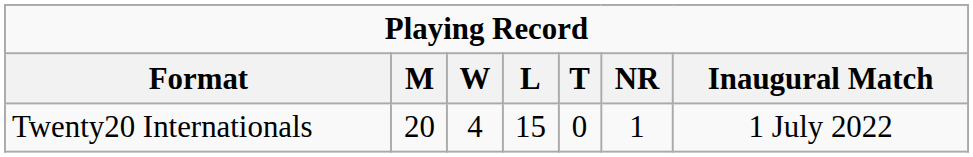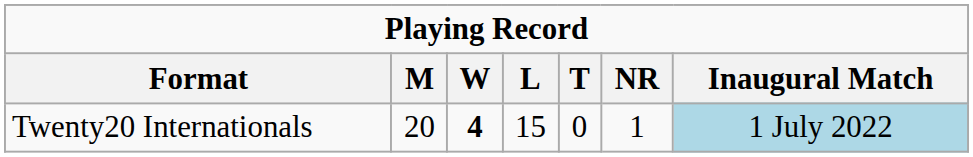 <table class="wikitable" style="text-align: center; width: 500px;">
 <tr>
 <td colspan=7 align="center"><strong>Playing Record</strong></td>
 </tr>
 <tr>
 <th>Format</th>
 <th>M</th>
 <th>W</th>
 <th>L</th>
 <th>T</th>
 <th>NR</th>
 <th>Inaugural Match</th>
 </tr>
 <tr>
 <td align="left">Twenty20 Internationals</td>
 <td>20</td>
-<td>4</td>
+<td><strong>4</strong></td>
 <td>15</td>
 <td>0</td>
 <td>1</td>
-<td>1 July 2022</td>
+<td style="background: lightblue;">1 July 2022</td>
 </tr>
 </table>
